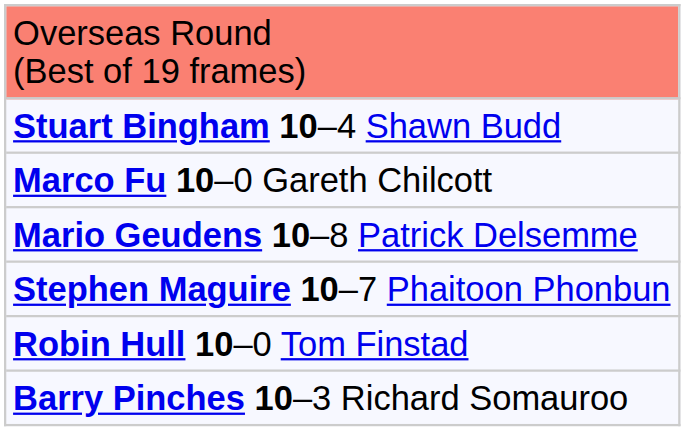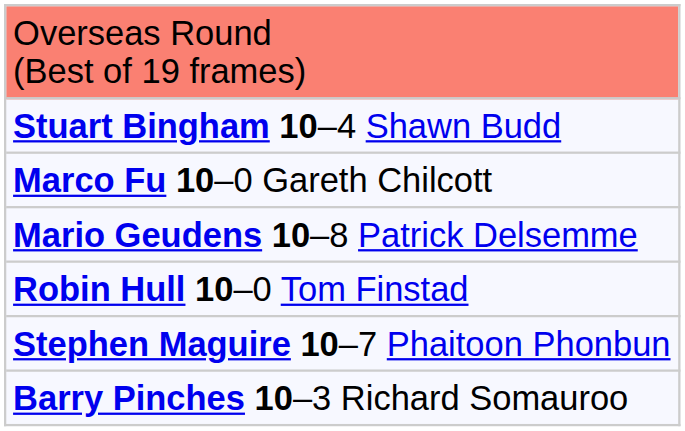 <table cellpadding="3" cellspacing="0" border="1" style="background:#f7f8ff; font-size:95%; border:#ccc solid 1px; border-collapse:collapse;">
 <tr>
 <td style="background:salmon">Overseas Round<br>(Best of 19 frames)</td>
 </tr>
 <tr>
 <td><strong> <a href='#'>Stuart Bingham</a>  10</strong>–4  <a href='#'>Shawn Budd</a></td>
 </tr>
 <tr>
 <td><strong> <a href='#'>Marco Fu</a> 10</strong>–0  Gareth Chilcott</td>
 </tr>
 <tr>
 <td><strong> <a href='#'>Mario Geudens</a> 10</strong>–8  <a href='#'>Patrick Delsemme</a></td>
 </tr>
 <tr>
-<td><strong> <a href='#'>Stephen Maguire</a> 10</strong>–7  <a href='#'>Phaitoon Phonbun</a></td>
+<td><strong> <a href='#'>Robin Hull</a> 10</strong>–0  <a href='#'>Tom Finstad</a></td>
 </tr>
 <tr>
-<td><strong> <a href='#'>Robin Hull</a> 10</strong>–0  <a href='#'>Tom Finstad</a></td>
+<td><strong> <a href='#'>Stephen Maguire</a> 10</strong>–7  <a href='#'>Phaitoon Phonbun</a></td>
 </tr>
 <tr>
 <td><strong> <a href='#'>Barry Pinches</a> 10</strong>–3  Richard Somauroo</td>
 </tr>
 </table>
